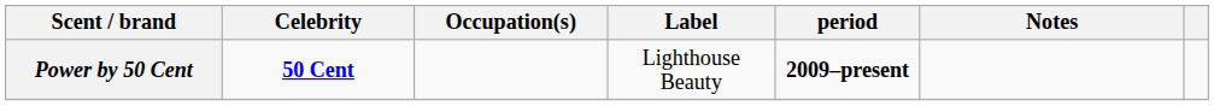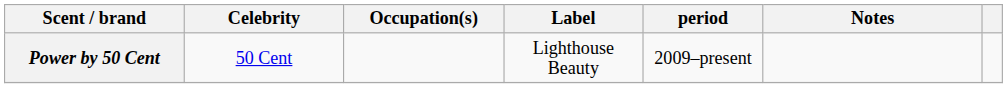 <table class="wikitable sortable plainrowheaders" font-size:95%; style="text-align:center;" width="100%;">
 <tr>
 <th scope="col" width="18%">Scent / brand</th>
 <th scope="col" width:"16%">Celebrity</th>
 <th scope="col" width="16%">Occupation(s)</th>
 <th scope="col" width="14%">Label</th>
 <th scope="col" width="12%"> period</th>
 <th scope="col" width="22%;" class="unsortable">Notes</th>
 <th scope="col" width="2%;" class="unsortable"></th>
 </tr>
 <tr>
 <th scope="row"><em>Power by 50 Cent</em></th>
-<td><strong><a href='#'>50 Cent</a></strong></td>
+<td><a href='#'>50 Cent</a></td>
 <td style="text-align:left;"></td>
 <td>Lighthouse Beauty</td>
-<td><strong>2009–present</strong></td>
+<td>2009–present</td>
 <td style="text-align:left;"></td>
 <td></td>
 </tr>
 <tr>
 </tr>
 </table>
